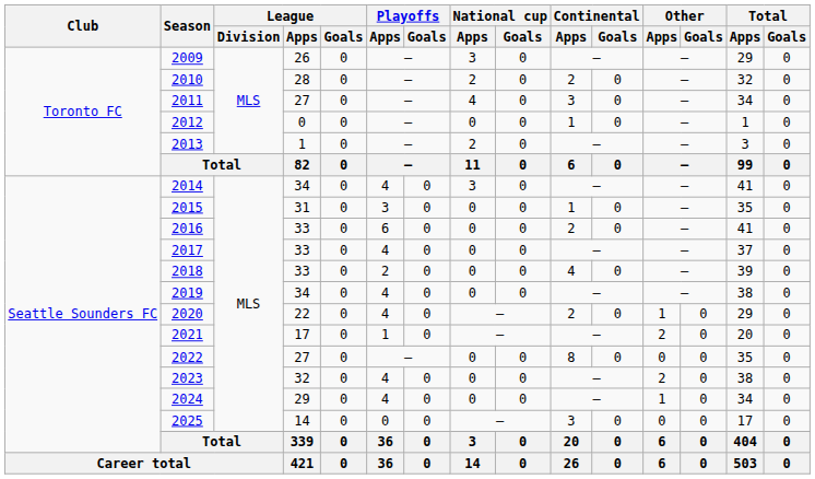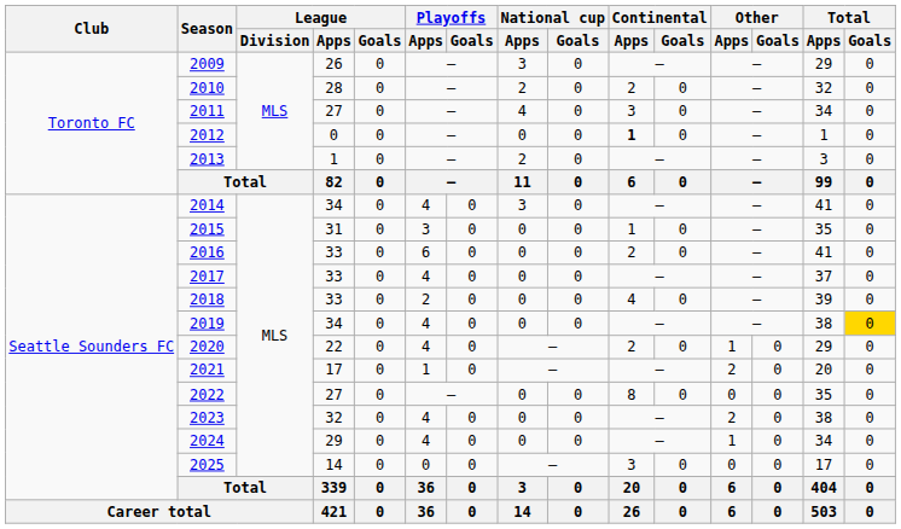 <table class="wikitable" style="text-align:center">
 <tr>
 <th rowspan="2">Club</th>
 <th rowspan="2">Season</th>
 <th colspan="3">League</th>
 <th colspan="2"><a href='#'>Playoffs</a></th>
 <th colspan="2">National cup</th>
 <th colspan="2">Continental</th>
 <th colspan="2">Other</th>
 <th colspan="2">Total</th>
 </tr>
 <tr>
 <th>Division</th>
 <th>Apps</th>
 <th>Goals</th>
 <th>Apps</th>
 <th>Goals</th>
 <th>Apps</th>
 <th>Goals</th>
 <th>Apps</th>
 <th>Goals</th>
 <th>Apps</th>
 <th>Goals</th>
 <th>Apps</th>
 <th>Goals</th>
 </tr>
 <tr>
 <td rowspan="6"><a href='#'>Toronto FC</a></td>
 <td><a href='#'>2009</a></td>
 <td rowspan="5"><a href='#'>MLS</a></td>
 <td>26</td>
 <td>0</td>
 <td colspan="2">—</td>
 <td>3</td>
 <td>0</td>
 <td colspan="2">—</td>
 <td colspan="2">—</td>
 <td>29</td>
 <td>0</td>
 </tr>
 <tr>
 <td><a href='#'>2010</a></td>
 <td>28</td>
 <td>0</td>
 <td colspan="2">—</td>
 <td>2</td>
 <td>0</td>
 <td>2</td>
 <td>0</td>
 <td colspan="2">—</td>
 <td>32</td>
 <td>0</td>
 </tr>
 <tr>
 <td><a href='#'>2011</a></td>
 <td>27</td>
 <td>0</td>
 <td colspan="2">—</td>
 <td>4</td>
 <td>0</td>
 <td>3</td>
 <td>0</td>
 <td colspan="2">—</td>
 <td>34</td>
 <td>0</td>
 </tr>
 <tr>
 <td><a href='#'>2012</a></td>
 <td>0</td>
 <td>0</td>
 <td colspan="2">—</td>
 <td>0</td>
 <td>0</td>
-<td>1</td>
+<td><strong>1</strong></td>
 <td>0</td>
 <td colspan="2">—</td>
 <td>1</td>
 <td>0</td>
 </tr>
 <tr>
 <td><a href='#'>2013</a></td>
 <td>1</td>
 <td>0</td>
 <td colspan="2">—</td>
 <td>2</td>
 <td>0</td>
 <td colspan="2">—</td>
 <td colspan="2">—</td>
 <td>3</td>
 <td>0</td>
 </tr>
 <tr>
 <th colspan="2">Total</th>
 <th>82</th>
 <th>0</th>
 <th colspan="2">—</th>
 <th>11</th>
 <th>0</th>
 <th>6</th>
 <th>0</th>
 <th colspan="2">—</th>
 <th>99</th>
 <th>0</th>
 </tr>
 <tr>
 <td rowspan="13"><a href='#'>Seattle Sounders FC</a></td>
 <td><a href='#'>2014</a></td>
 <td rowspan="12">MLS</td>
 <td>34</td>
 <td>0</td>
 <td>4</td>
 <td>0</td>
 <td>3</td>
 <td>0</td>
 <td colspan="2">—</td>
 <td colspan="2">—</td>
 <td>41</td>
 <td>0</td>
 </tr>
 <tr>
 <td><a href='#'>2015</a></td>
 <td>31</td>
 <td>0</td>
 <td>3</td>
 <td>0</td>
 <td>0</td>
 <td>0</td>
 <td>1</td>
 <td>0</td>
 <td colspan="2">—</td>
 <td>35</td>
 <td>0</td>
 </tr>
 <tr>
 <td><a href='#'>2016</a></td>
 <td>33</td>
 <td>0</td>
 <td>6</td>
 <td>0</td>
 <td>0</td>
 <td>0</td>
 <td>2</td>
 <td>0</td>
 <td colspan="2">—</td>
 <td>41</td>
 <td>0</td>
 </tr>
 <tr>
 <td><a href='#'>2017</a></td>
 <td>33</td>
 <td>0</td>
 <td>4</td>
 <td>0</td>
 <td>0</td>
 <td>0</td>
 <td colspan="2">—</td>
 <td colspan="2">—</td>
 <td>37</td>
 <td>0</td>
 </tr>
 <tr>
 <td><a href='#'>2018</a></td>
 <td>33</td>
 <td>0</td>
 <td>2</td>
 <td>0</td>
 <td>0</td>
 <td>0</td>
 <td>4</td>
 <td>0</td>
 <td colspan="2">—</td>
 <td>39</td>
 <td>0</td>
 </tr>
 <tr>
 <td><a href='#'>2019</a></td>
 <td>34</td>
 <td>0</td>
 <td>4</td>
 <td>0</td>
 <td>0</td>
 <td>0</td>
 <td colspan="2">—</td>
 <td colspan="2">—</td>
 <td>38</td>
-<td>0</td>
+<td style="background: gold;">0</td>
 </tr>
 <tr>
 <td><a href='#'>2020</a></td>
 <td>22</td>
 <td>0</td>
 <td>4</td>
 <td>0</td>
 <td colspan="2">—</td>
 <td>2</td>
 <td>0</td>
 <td>1</td>
 <td>0</td>
 <td>29</td>
 <td>0</td>
 </tr>
 <tr>
 <td><a href='#'>2021</a></td>
 <td>17</td>
 <td>0</td>
 <td>1</td>
 <td>0</td>
 <td colspan="2">—</td>
 <td colspan="2">—</td>
 <td>2</td>
 <td>0</td>
 <td>20</td>
 <td>0</td>
 </tr>
 <tr>
 <td><a href='#'>2022</a></td>
 <td>27</td>
 <td>0</td>
 <td colspan="2">—</td>
 <td>0</td>
 <td>0</td>
 <td>8</td>
 <td>0</td>
 <td>0</td>
 <td>0</td>
 <td>35</td>
 <td>0</td>
 </tr>
 <tr>
 <td><a href='#'>2023</a></td>
 <td>32</td>
 <td>0</td>
 <td>4</td>
 <td>0</td>
 <td>0</td>
 <td>0</td>
 <td colspan="2">—</td>
 <td>2</td>
 <td>0</td>
 <td>38</td>
 <td>0</td>
 </tr>
 <tr>
 <td><a href='#'>2024</a></td>
 <td>29</td>
 <td>0</td>
 <td>4</td>
 <td>0</td>
 <td>0</td>
 <td>0</td>
 <td colspan="2">—</td>
 <td>1</td>
 <td>0</td>
 <td>34</td>
 <td>0</td>
 </tr>
 <tr>
 <td><a href='#'>2025</a></td>
 <td>14</td>
 <td>0</td>
 <td>0</td>
 <td>0</td>
 <td colspan="2">—</td>
 <td>3</td>
 <td>0</td>
 <td>0</td>
 <td>0</td>
 <td>17</td>
 <td>0</td>
 </tr>
 <tr>
 <th colspan="2">Total</th>
 <th>339</th>
 <th>0</th>
 <th>36</th>
 <th>0</th>
 <th>3</th>
 <th>0</th>
 <th>20</th>
 <th>0</th>
 <th>6</th>
 <th>0</th>
 <th>404</th>
 <th>0</th>
 </tr>
 <tr>
 <th colspan="3">Career total</th>
 <th>421</th>
 <th>0</th>
 <th>36</th>
 <th>0</th>
 <th>14</th>
 <th>0</th>
 <th>26</th>
 <th>0</th>
 <th>6</th>
 <th>0</th>
 <th>503</th>
 <th>0</th>
 </tr>
 </table>
